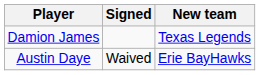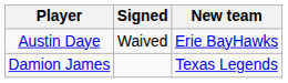 <table class="wikitable sortable sortable" style="text-align: center">
 <tr>
 <th>Player</th>
 <th>Signed</th>
 <th>New team</th>
 </tr>
 <tr style="text-align: center">
+<td><a href='#'>Austin Daye</a></td>
+<td>Waived</td>
+<td><a href='#'>Erie BayHawks</a></td>
+</tr>
+<tr style="text-align: center">
 <td><a href='#'>Damion James</a></td>
 <td></td>
 <td><a href='#'>Texas Legends</a></td>
 </tr>
-<tr style="text-align: center">
-<td><a href='#'>Austin Daye</a></td>
-<td>Waived</td>
-<td><a href='#'>Erie BayHawks</a></td>
-</tr>
 </table>
